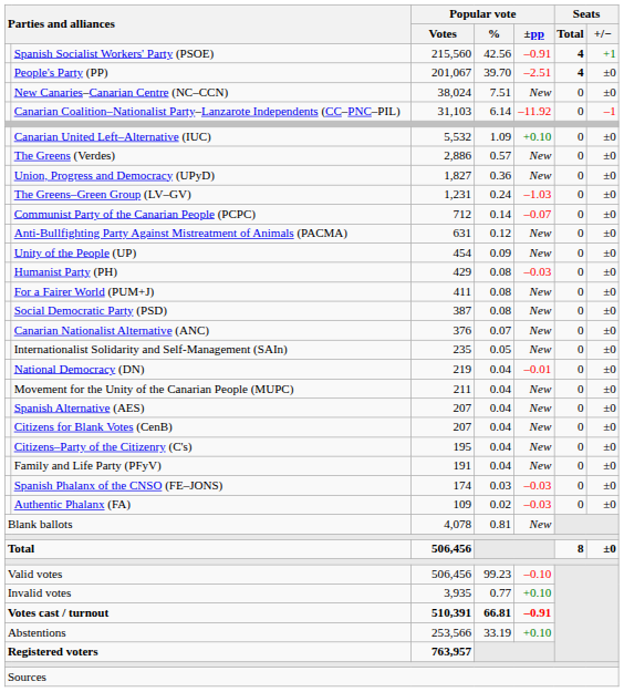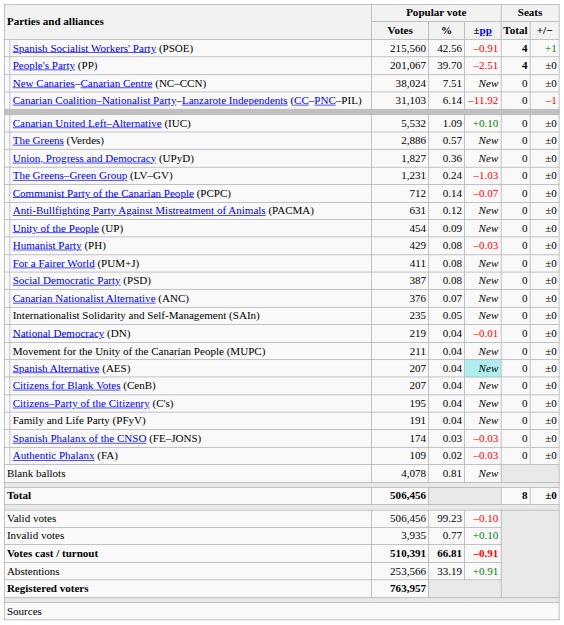 <table class="wikitable" style="text-align:right;">
 <tr>
 <th style="text-align:left;" rowspan="2" colspan="2" width="525">Parties and alliances</th>
 <th colspan="3">Popular vote</th>
 <th colspan="2">Seats</th>
 </tr>
 <tr>
 <th width="75">Votes</th>
 <th width="45">%</th>
 <th width="45">±<a href='#'>pp</a></th>
 <th width="35">Total</th>
 <th width="35">+/−</th>
 </tr>
 <tr>
 <td width="1" style="color:inherit;background:"></td>
 <td align="left"><a href='#'>Spanish Socialist Workers' Party</a> (PSOE)</td>
 <td>215,560</td>
 <td>42.56</td>
 <td style="color:red;">–0.91</td>
 <td><strong>4</strong></td>
 <td style="color:green;">+1</td>
 </tr>
 <tr>
 <td style="color:inherit;background:"></td>
 <td align="left"><a href='#'>People's Party</a> (PP)</td>
 <td>201,067</td>
 <td>39.70</td>
 <td style="color:red;">–2.51</td>
 <td><strong>4</strong></td>
 <td>±0</td>
 </tr>
 <tr>
 <td style="color:inherit;background:"></td>
 <td align="left"><a href='#'>New Canaries</a>–<a href='#'>Canarian Centre</a> (NC–CCN)</td>
 <td>38,024</td>
 <td>7.51</td>
 <td><em>New</em></td>
 <td>0</td>
 <td>±0</td>
 </tr>
 <tr>
 <td style="color:inherit;background:"></td>
 <td align="left"><a href='#'>Canarian Coalition–Nationalist Party</a>–<a href='#'>Lanzarote Independents</a> (<a href='#'>CC</a>–<a href='#'>PNC</a>–PIL)</td>
 <td>31,103</td>
 <td>6.14</td>
 <td style="color:red;">–11.92</td>
 <td>0</td>
 <td style="color:red;">–1</td>
 </tr>
 <tr>
 <td colspan="7" bgcolor="#C0C0C0"></td>
 </tr>
 <tr>
 <td style="color:inherit;background:"></td>
 <td align="left"><a href='#'>Canarian United Left–Alternative</a> (IUC)</td>
 <td>5,532</td>
 <td>1.09</td>
 <td style="color:green;">+0.10</td>
 <td>0</td>
 <td>±0</td>
 </tr>
 <tr>
 <td style="color:inherit;background:"></td>
 <td align="left"><a href='#'>The Greens</a> (Verdes)</td>
 <td>2,886</td>
 <td>0.57</td>
 <td><em>New</em></td>
 <td>0</td>
 <td>±0</td>
 </tr>
 <tr>
 <td style="color:inherit;background:"></td>
 <td align="left"><a href='#'>Union, Progress and Democracy</a> (UPyD)</td>
 <td>1,827</td>
 <td>0.36</td>
 <td><em>New</em></td>
 <td>0</td>
 <td>±0</td>
 </tr>
 <tr>
 <td style="color:inherit;background:"></td>
 <td align="left"><a href='#'>The Greens–Green Group</a> (LV–GV)</td>
 <td>1,231</td>
 <td>0.24</td>
 <td style="color:red;">–1.03</td>
 <td>0</td>
 <td>±0</td>
 </tr>
 <tr>
 <td style="color:inherit;background:"></td>
 <td align="left"><a href='#'>Communist Party of the Canarian People</a> (PCPC)</td>
 <td>712</td>
 <td>0.14</td>
 <td style="color:red;">–0.07</td>
 <td>0</td>
 <td>±0</td>
 </tr>
 <tr>
 <td style="color:inherit;background:"></td>
 <td align="left"><a href='#'>Anti-Bullfighting Party Against Mistreatment of Animals</a> (PACMA)</td>
 <td>631</td>
 <td>0.12</td>
 <td><em>New</em></td>
 <td>0</td>
 <td>±0</td>
 </tr>
 <tr>
 <td style="color:inherit;background:"></td>
 <td align="left"><a href='#'>Unity of the People</a> (UP)</td>
 <td>454</td>
 <td>0.09</td>
 <td><em>New</em></td>
 <td>0</td>
 <td>±0</td>
 </tr>
 <tr>
 <td style="color:inherit;background:"></td>
 <td align="left"><a href='#'>Humanist Party</a> (PH)</td>
 <td>429</td>
 <td>0.08</td>
 <td style="color:red;">–0.03</td>
 <td>0</td>
 <td>±0</td>
 </tr>
 <tr>
 <td style="color:inherit;background:"></td>
 <td align="left"><a href='#'>For a Fairer World</a> (PUM+J)</td>
 <td>411</td>
 <td>0.08</td>
 <td><em>New</em></td>
 <td>0</td>
 <td>±0</td>
 </tr>
 <tr>
 <td style="color:inherit;background:"></td>
 <td align="left"><a href='#'>Social Democratic Party</a> (PSD)</td>
 <td>387</td>
 <td>0.08</td>
 <td><em>New</em></td>
 <td>0</td>
 <td>±0</td>
 </tr>
 <tr>
 <td style="color:inherit;background:"></td>
 <td align="left"><a href='#'>Canarian Nationalist Alternative</a> (ANC)</td>
 <td>376</td>
 <td>0.07</td>
 <td><em>New</em></td>
 <td>0</td>
 <td>±0</td>
 </tr>
 <tr>
 <td style="color:inherit;background:"></td>
 <td align="left">Internationalist Solidarity and Self-Management (SAIn)</td>
 <td>235</td>
 <td>0.05</td>
 <td><em>New</em></td>
 <td>0</td>
 <td>±0</td>
 </tr>
 <tr>
 <td style="color:inherit;background:"></td>
 <td align="left"><a href='#'>National Democracy</a> (DN)</td>
 <td>219</td>
 <td>0.04</td>
 <td style="color:red;">–0.01</td>
 <td>0</td>
 <td>±0</td>
 </tr>
 <tr>
 <td style="color:inherit;background:"></td>
 <td align="left">Movement for the Unity of the Canarian People (MUPC)</td>
 <td>211</td>
 <td>0.04</td>
 <td><em>New</em></td>
 <td>0</td>
 <td>±0</td>
 </tr>
 <tr>
 <td style="color:inherit;background:"></td>
 <td align="left"><a href='#'>Spanish Alternative</a> (AES)</td>
 <td>207</td>
 <td>0.04</td>
-<td><em>New</em></td>
+<td style="background: paleturquoise;"><em>New</em></td>
 <td>0</td>
 <td>±0</td>
 </tr>
 <tr>
 <td style="color:inherit;background:"></td>
 <td align="left"><a href='#'>Citizens for Blank Votes</a> (CenB)</td>
 <td>207</td>
 <td>0.04</td>
 <td><em>New</em></td>
 <td>0</td>
 <td>±0</td>
 </tr>
 <tr>
 <td style="color:inherit;background:"></td>
 <td align="left"><a href='#'>Citizens–Party of the Citizenry</a> (C's)</td>
 <td>195</td>
 <td>0.04</td>
 <td><em>New</em></td>
 <td>0</td>
 <td>±0</td>
 </tr>
 <tr>
 <td style="color:inherit;background:"></td>
 <td align="left">Family and Life Party (PFyV)</td>
 <td>191</td>
 <td>0.04</td>
 <td><em>New</em></td>
 <td>0</td>
 <td>±0</td>
 </tr>
 <tr>
 <td style="color:inherit;background:"></td>
 <td align="left"><a href='#'>Spanish Phalanx of the CNSO</a> (FE–JONS)</td>
 <td>174</td>
 <td>0.03</td>
 <td style="color:red;">–0.03</td>
 <td>0</td>
 <td>±0</td>
 </tr>
 <tr>
 <td style="color:inherit;background:"></td>
 <td align="left"><a href='#'>Authentic Phalanx</a> (FA)</td>
 <td>109</td>
 <td>0.02</td>
 <td style="color:red;">–0.03</td>
 <td>0</td>
 <td>±0</td>
 </tr>
 <tr>
 <td align="left" colspan="2">Blank ballots</td>
 <td>4,078</td>
 <td>0.81</td>
 <td><em>New</em></td>
 <td bgcolor="#E9E9E9" colspan="2"></td>
 </tr>
 <tr>
 <td colspan="7" bgcolor="#E9E9E9"></td>
 </tr>
 <tr style="font-weight:bold;">
 <td align="left" colspan="2">Total</td>
 <td>506,456</td>
 <td bgcolor="#E9E9E9" colspan="2"></td>
 <td>8</td>
 <td>±0</td>
 </tr>
 <tr>
 <td colspan="7" bgcolor="#E9E9E9"></td>
 </tr>
 <tr>
 <td align="left" colspan="2">Valid votes</td>
 <td>506,456</td>
 <td>99.23</td>
 <td style="color:red;">–0.10</td>
 <td bgcolor="#E9E9E9" colspan="2" rowspan="5"></td>
 </tr>
 <tr>
 <td align="left" colspan="2">Invalid votes</td>
 <td>3,935</td>
 <td>0.77</td>
 <td style="color:green;">+0.10</td>
 </tr>
 <tr style="font-weight:bold;">
 <td align="left" colspan="2">Votes cast / turnout</td>
 <td>510,391</td>
 <td>66.81</td>
 <td style="color:red;">–0.91</td>
 </tr>
 <tr>
 <td align="left" colspan="2">Abstentions</td>
 <td>253,566</td>
 <td>33.19</td>
-<td style="color:green;">+0.10</td>
+<td style="color:green;">+0.91</td>
 </tr>
 <tr style="font-weight:bold;">
 <td align="left" colspan="2">Registered voters</td>
 <td>763,957</td>
 <td bgcolor="#E9E9E9" colspan="2"></td>
 </tr>
 <tr>
 <td colspan="7" bgcolor="#E9E9E9"></td>
 </tr>
 <tr>
 <td align="left" colspan="7">Sources</td>
 </tr>
 </table>
